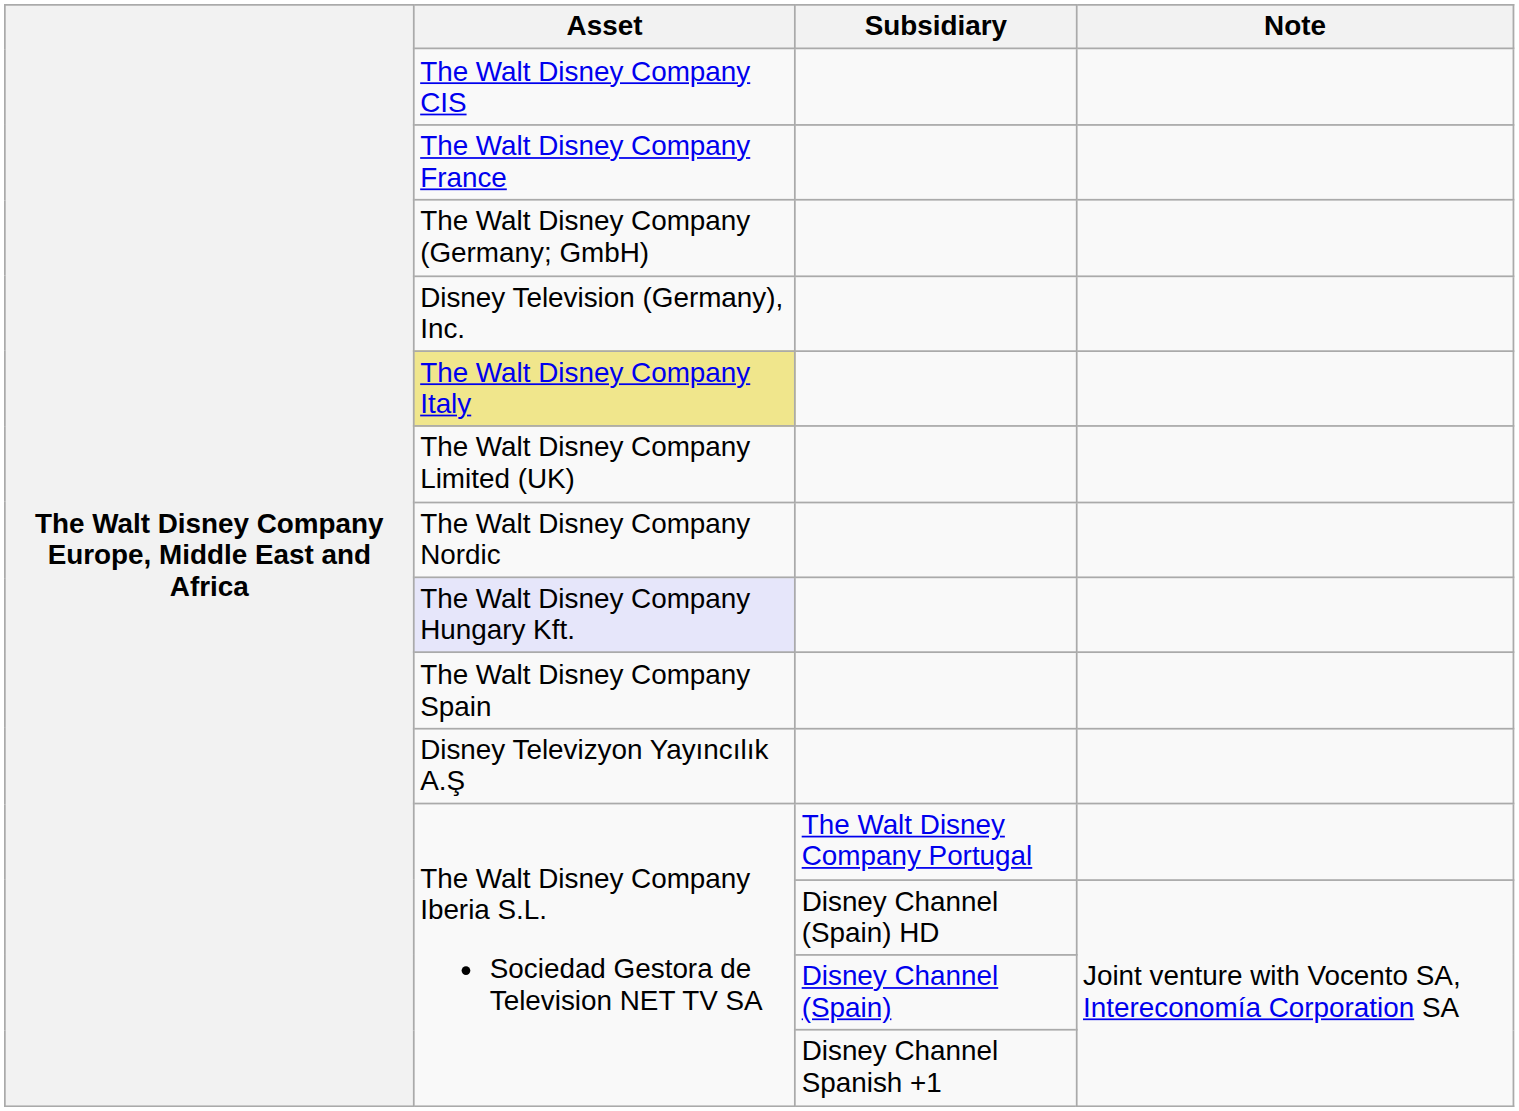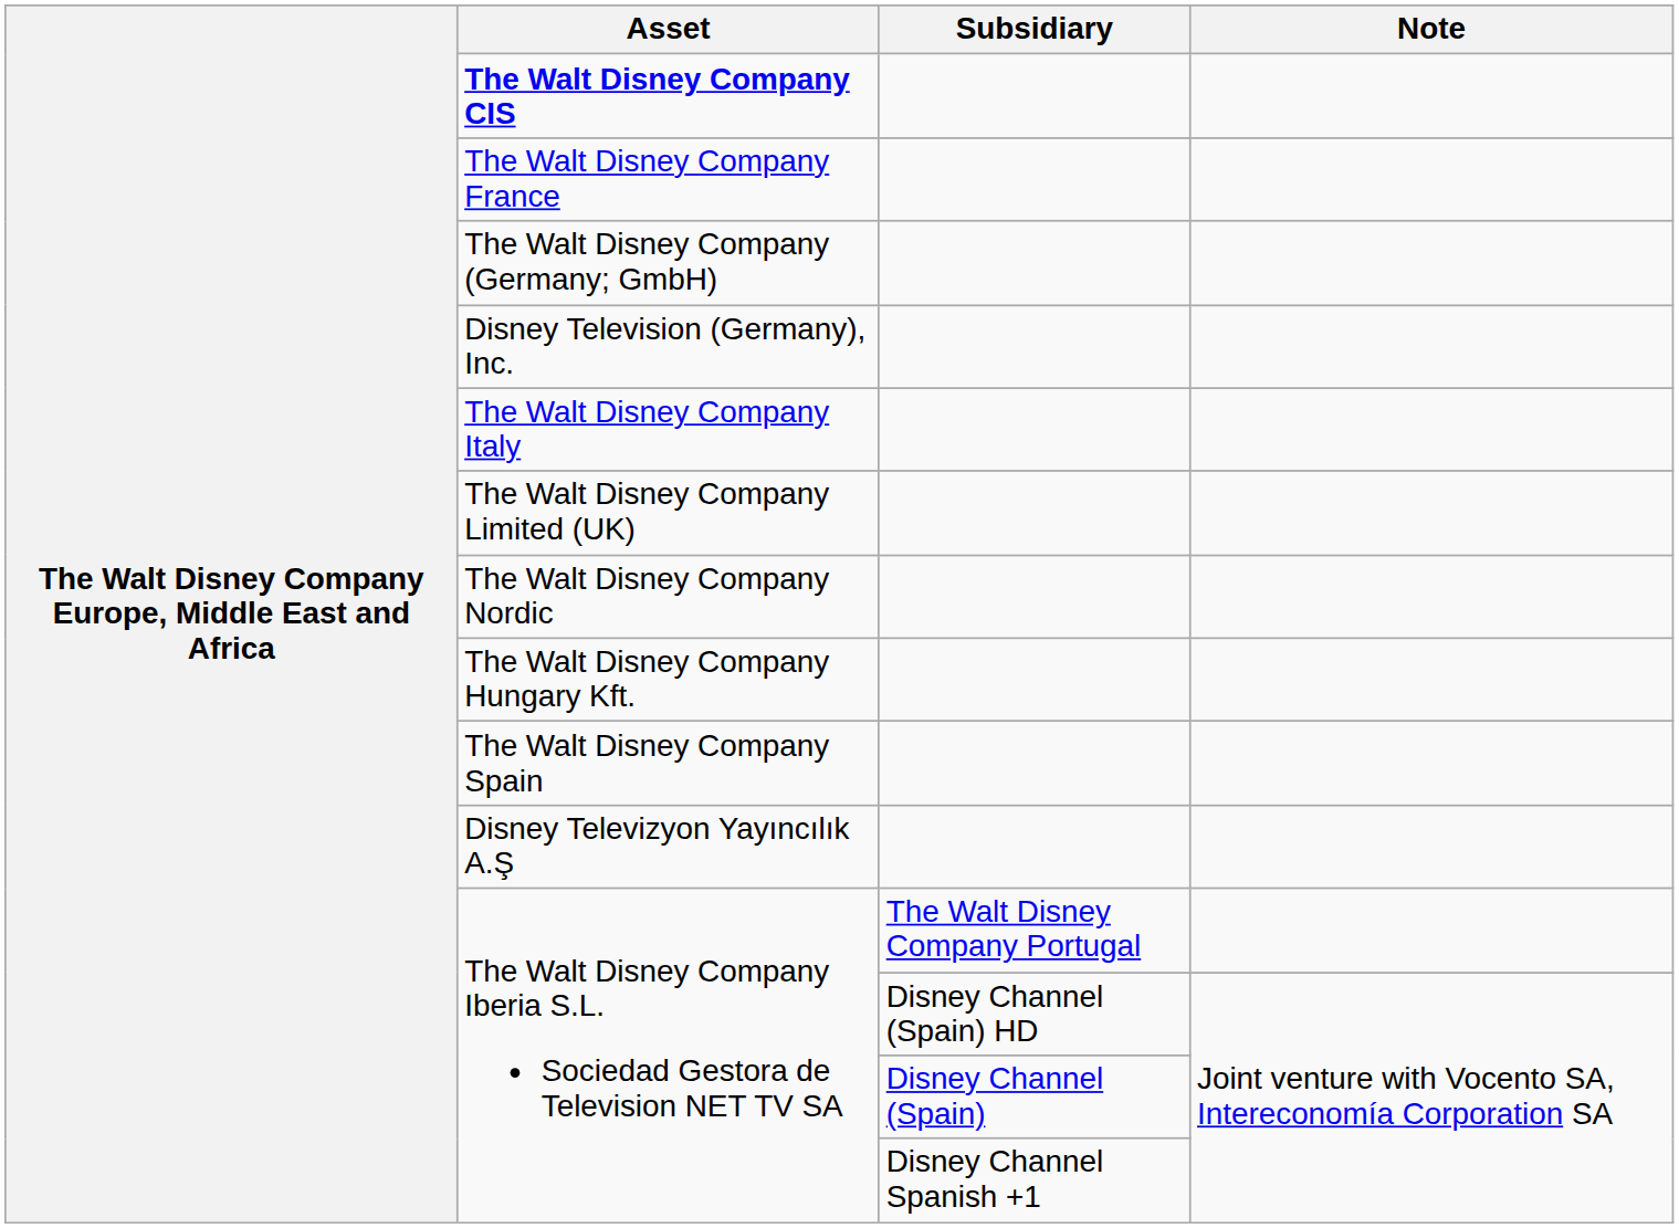 <table class="wikitable">
 <tr>
 <th rowspan="15">The Walt Disney Company Europe, Middle East and Africa</th>
 <th>Asset</th>
 <th>Subsidiary</th>
 <th>Note</th>
 </tr>
 <tr>
-<td><a href='#'>The Walt Disney Company CIS</a></td>
+<td><strong><a href='#'>The Walt Disney Company CIS</a></strong></td>
 <td></td>
 <td></td>
 </tr>
 <tr>
 <td><a href='#'>The Walt Disney Company France</a></td>
 <td></td>
 <td></td>
 </tr>
 <tr>
 <td>The Walt Disney Company (Germany; GmbH)</td>
 <td></td>
 <td></td>
 </tr>
 <tr>
 <td>Disney Television (Germany), Inc.</td>
 <td></td>
 <td></td>
 </tr>
 <tr>
-<td style="background: khaki;"><a href='#'>The Walt Disney Company Italy</a></td>
+<td><a href='#'>The Walt Disney Company Italy</a></td>
 <td></td>
 <td></td>
 </tr>
 <tr>
 <td>The Walt Disney Company Limited (UK)</td>
 <td></td>
 <td></td>
 </tr>
 <tr>
 <td>The Walt Disney Company Nordic</td>
 <td></td>
 <td></td>
 </tr>
 <tr>
-<td style="background: lavender;">The Walt Disney Company Hungary Kft.</td>
+<td>The Walt Disney Company Hungary Kft.</td>
 <td></td>
 <td></td>
 </tr>
 <tr>
 <td>The Walt Disney Company Spain</td>
 <td></td>
 <td></td>
 </tr>
 <tr>
 <td>Disney Televizyon Yayıncılık A.Ş</td>
 <td></td>
 <td></td>
 </tr>
 <tr>
 <td rowspan="4">The Walt Disney Company Iberia S.L.<br><ul><li>Sociedad Gestora de Television NET TV SA</li></ul></td>
 <td><a href='#'>The Walt Disney Company Portugal</a></td>
 <td></td>
 </tr>
 <tr>
 <td>Disney Channel (Spain) HD</td>
 <td rowspan="3">Joint venture with Vocento SA, <a href='#'>Intereconomía Corporation</a> SA</td>
 </tr>
 <tr>
 <td><a href='#'>Disney Channel (Spain)</a></td>
 </tr>
 <tr>
 <td>Disney Channel Spanish +1</td>
 </tr>
 </table>
